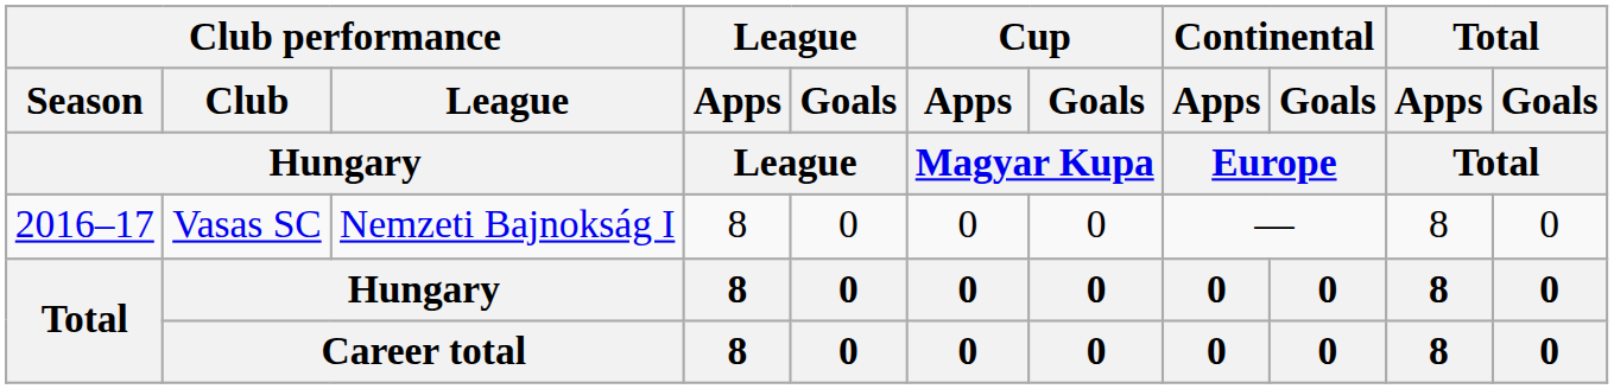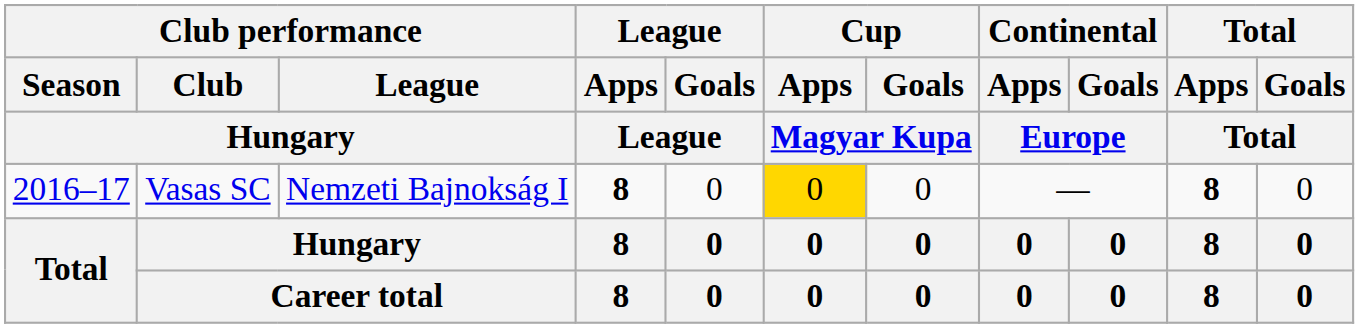 <table class="wikitable" style="text-align:center">
 <tr>
 <th colspan=3>Club performance</th>
 <th colspan=2>League</th>
 <th colspan=2>Cup</th>
 <th colspan=2>Continental</th>
 <th colspan=2>Total</th>
 </tr>
 <tr>
 <th>Season</th>
 <th>Club</th>
 <th>League</th>
 <th>Apps</th>
 <th>Goals</th>
 <th>Apps</th>
 <th>Goals</th>
 <th>Apps</th>
 <th>Goals</th>
 <th>Apps</th>
 <th>Goals</th>
 </tr>
 <tr>
 <th colspan=3>Hungary</th>
 <th colspan=2>League</th>
 <th colspan=2><a href='#'>Magyar Kupa</a></th>
 <th colspan=2><a href='#'>Europe</a></th>
 <th colspan=2>Total</th>
 </tr>
 <tr>
 <td><a href='#'>2016–17</a></td>
 <td><a href='#'>Vasas SC</a></td>
 <td><a href='#'>Nemzeti Bajnokság I</a></td>
-<td>8</td>
+<td><strong>8</strong></td>
 <td>0</td>
-<td>0</td>
+<td style="background: gold;">0</td>
 <td>0</td>
 <td colspan=2>—</td>
-<td>8</td>
+<td><strong>8</strong></td>
 <td>0</td>
 </tr>
 <tr>
 <th rowspan=2>Total</th>
 <th colspan=2>Hungary</th>
 <th>8</th>
 <th>0</th>
 <th>0</th>
 <th>0</th>
 <th>0</th>
 <th>0</th>
 <th>8</th>
 <th>0</th>
 </tr>
 <tr>
 <th colspan=2>Career total</th>
 <th>8</th>
 <th>0</th>
 <th>0</th>
 <th>0</th>
 <th>0</th>
 <th>0</th>
 <th>8</th>
 <th>0</th>
 </tr>
 </table>
